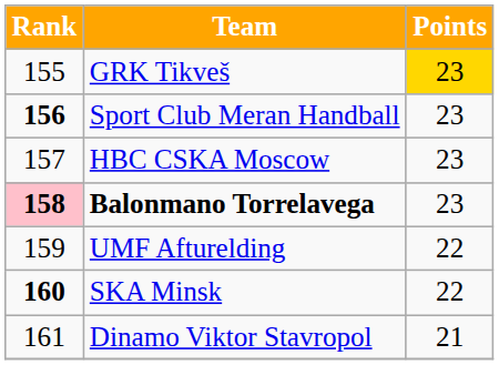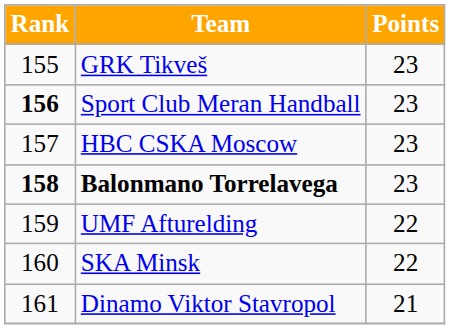 <table class="wikitable" style="text-align: center;">
 <tr>
 <th style="color:#FFFFFF; background:orange">Rank</th>
 <th style="color:#FFFFFF; background:orange">Team</th>
 <th style="color:#FFFFFF; background:orange">Points</th>
 </tr>
 <tr>
 <td>155</td>
 <td align=left> <a href='#'>GRK Tikveš</a></td>
-<td style="background: gold;">23</td>
+<td>23</td>
 </tr>
 <tr>
 <td><strong>156</strong></td>
 <td align=left> <a href='#'>Sport Club Meran Handball</a></td>
 <td>23</td>
 </tr>
 <tr>
 <td>157</td>
 <td align=left> <a href='#'>HBC CSKA Moscow</a></td>
 <td>23</td>
 </tr>
 <tr>
-<td style="background: pink;"><strong>158</strong></td>
+<td><strong>158</strong></td>
 <td align=left> <strong>Balonmano Torrelavega</strong></td>
 <td>23</td>
 </tr>
 <tr>
 <td>159</td>
 <td align=left> <a href='#'>UMF Afturelding</a></td>
 <td>22</td>
 </tr>
 <tr>
-<td><strong>160</strong></td>
+<td>160</td>
 <td align=left> <a href='#'>SKA Minsk</a></td>
 <td>22</td>
 </tr>
 <tr>
 <td>161</td>
 <td align=left> <a href='#'>Dinamo Viktor Stavropol</a></td>
 <td>21</td>
 </tr>
 <tr>
 </tr>
 </table>
